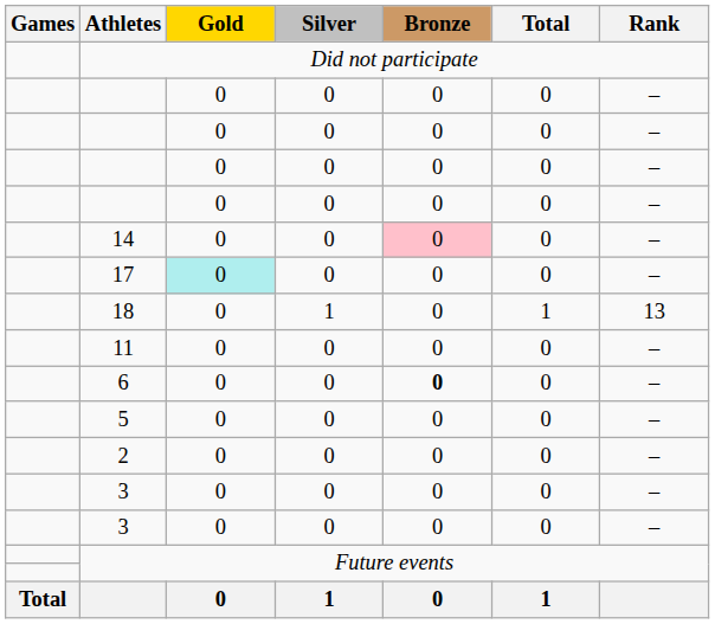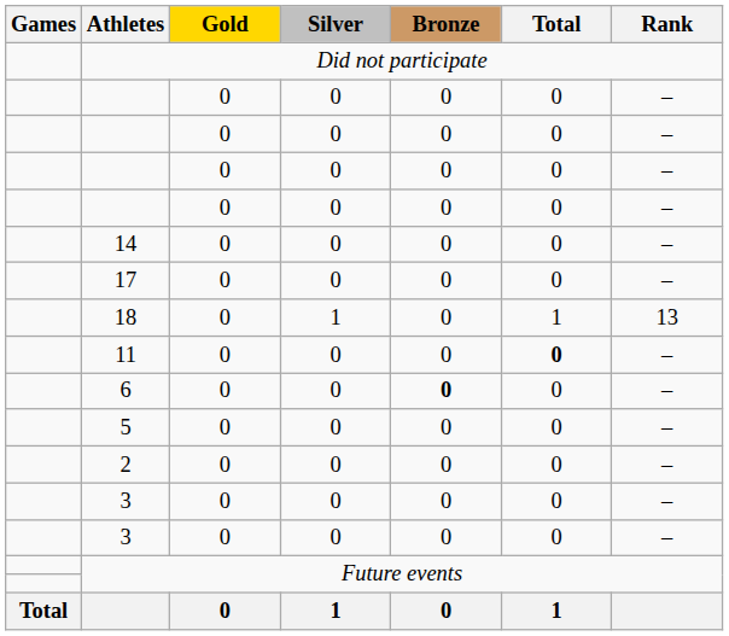 <table class="wikitable" style="text-align:center; font-size:90%;">
 <tr>
 <th>Games</th>
 <th>Athletes</th>
 <td style="background:gold; width:4.5em; font-weight:bold;">Gold</td>
 <td style="background:silver; width:4.5em; font-weight:bold;">Silver</td>
 <td style="background:#cc9966; width:4.5em; font-weight:bold;">Bronze</td>
 <th style="width:4.5em; font-weight:bold;">Total</th>
 <th style="width:4.5em; font-weight:bold;">Rank</th>
 </tr>
 <tr>
 <td align=left></td>
 <td colspan=6><em>Did not participate</em></td>
 </tr>
 <tr>
 <td align=left></td>
 <td></td>
 <td>0</td>
 <td>0</td>
 <td>0</td>
 <td>0</td>
 <td>–</td>
 </tr>
 <tr>
 <td align=left></td>
 <td></td>
 <td>0</td>
 <td>0</td>
 <td>0</td>
 <td>0</td>
 <td>–</td>
 </tr>
 <tr>
 <td align=left></td>
 <td></td>
 <td>0</td>
 <td>0</td>
 <td>0</td>
 <td>0</td>
 <td>–</td>
 </tr>
 <tr>
 <td align=left></td>
 <td></td>
 <td>0</td>
 <td>0</td>
 <td>0</td>
 <td>0</td>
 <td>–</td>
 </tr>
 <tr>
 <td align=left></td>
 <td>14</td>
 <td>0</td>
 <td>0</td>
-<td style="background: pink;">0</td>
+<td>0</td>
 <td>0</td>
 <td>–</td>
 </tr>
 <tr>
 <td align=left></td>
 <td>17</td>
-<td style="background: paleturquoise;">0</td>
+<td>0</td>
 <td>0</td>
 <td>0</td>
 <td>0</td>
 <td>–</td>
 </tr>
 <tr>
 <td align=left></td>
 <td>18</td>
 <td>0</td>
 <td>1</td>
 <td>0</td>
 <td>1</td>
 <td>13</td>
 </tr>
 <tr>
 <td align=left></td>
 <td>11</td>
 <td>0</td>
 <td>0</td>
 <td>0</td>
-<td>0</td>
+<td><strong>0</strong></td>
 <td>–</td>
 </tr>
 <tr>
 <td align=left></td>
 <td>6</td>
 <td>0</td>
 <td>0</td>
 <td><strong>0</strong></td>
 <td>0</td>
 <td>–</td>
 </tr>
 <tr>
 <td align=left></td>
 <td>5</td>
 <td>0</td>
 <td>0</td>
 <td>0</td>
 <td>0</td>
 <td>–</td>
 </tr>
 <tr>
 <td align=left></td>
 <td>2</td>
 <td>0</td>
 <td>0</td>
 <td>0</td>
 <td>0</td>
 <td>–</td>
 </tr>
 <tr>
 <td align=left></td>
 <td>3</td>
 <td>0</td>
 <td>0</td>
 <td>0</td>
 <td>0</td>
 <td>–</td>
 </tr>
 <tr>
 <td align=left></td>
 <td>3</td>
 <td>0</td>
 <td>0</td>
 <td>0</td>
 <td>0</td>
 <td>–</td>
 </tr>
 <tr>
 <td align=left></td>
 <td rowspan=2 colspan=6><em>Future events</em></td>
 </tr>
 <tr>
 <td align=left></td>
 </tr>
 <tr>
 <th>Total</th>
 <th></th>
 <th>0</th>
 <th>1</th>
 <th>0</th>
 <th>1</th>
 <th></th>
 </tr>
 </table>
